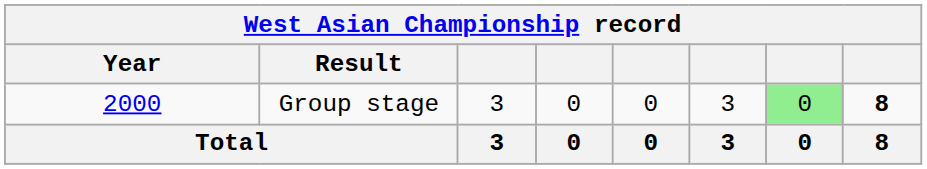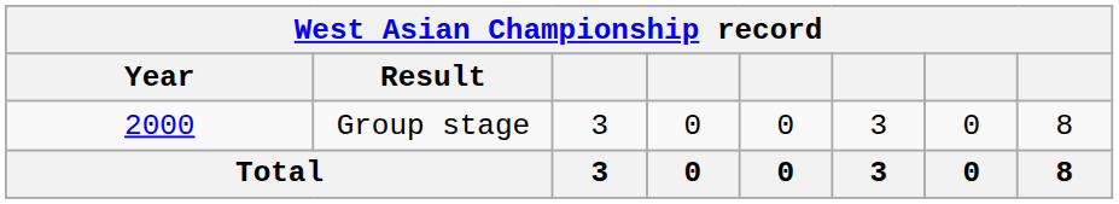 <table class="wikitable" style="text-align: center;font-size:100%;">
 <tr>
 <th colspan=8><a href='#'>West Asian Championship</a> record</th>
 </tr>
 <tr>
 <th width=130>Year</th>
 <th width=100>Result</th>
 <th width=35></th>
 <th width=35></th>
 <th width=35></th>
 <th width=35></th>
 <th width=35></th>
 <th width=35></th>
 </tr>
 <tr>
 <td> <a href='#'>2000</a></td>
 <td>Group stage</td>
 <td>3</td>
 <td>0</td>
 <td>0</td>
 <td>3</td>
-<td style="background: lightgreen;">0</td>
-<td><strong>8</strong></td>
+<td>0</td>
+<td>8</td>
 </tr>
 <tr>
 <th colspan=2>Total</th>
 <th>3</th>
 <th>0</th>
 <th>0</th>
 <th>3</th>
 <th>0</th>
 <th>8</th>
 </tr>
 </table>
